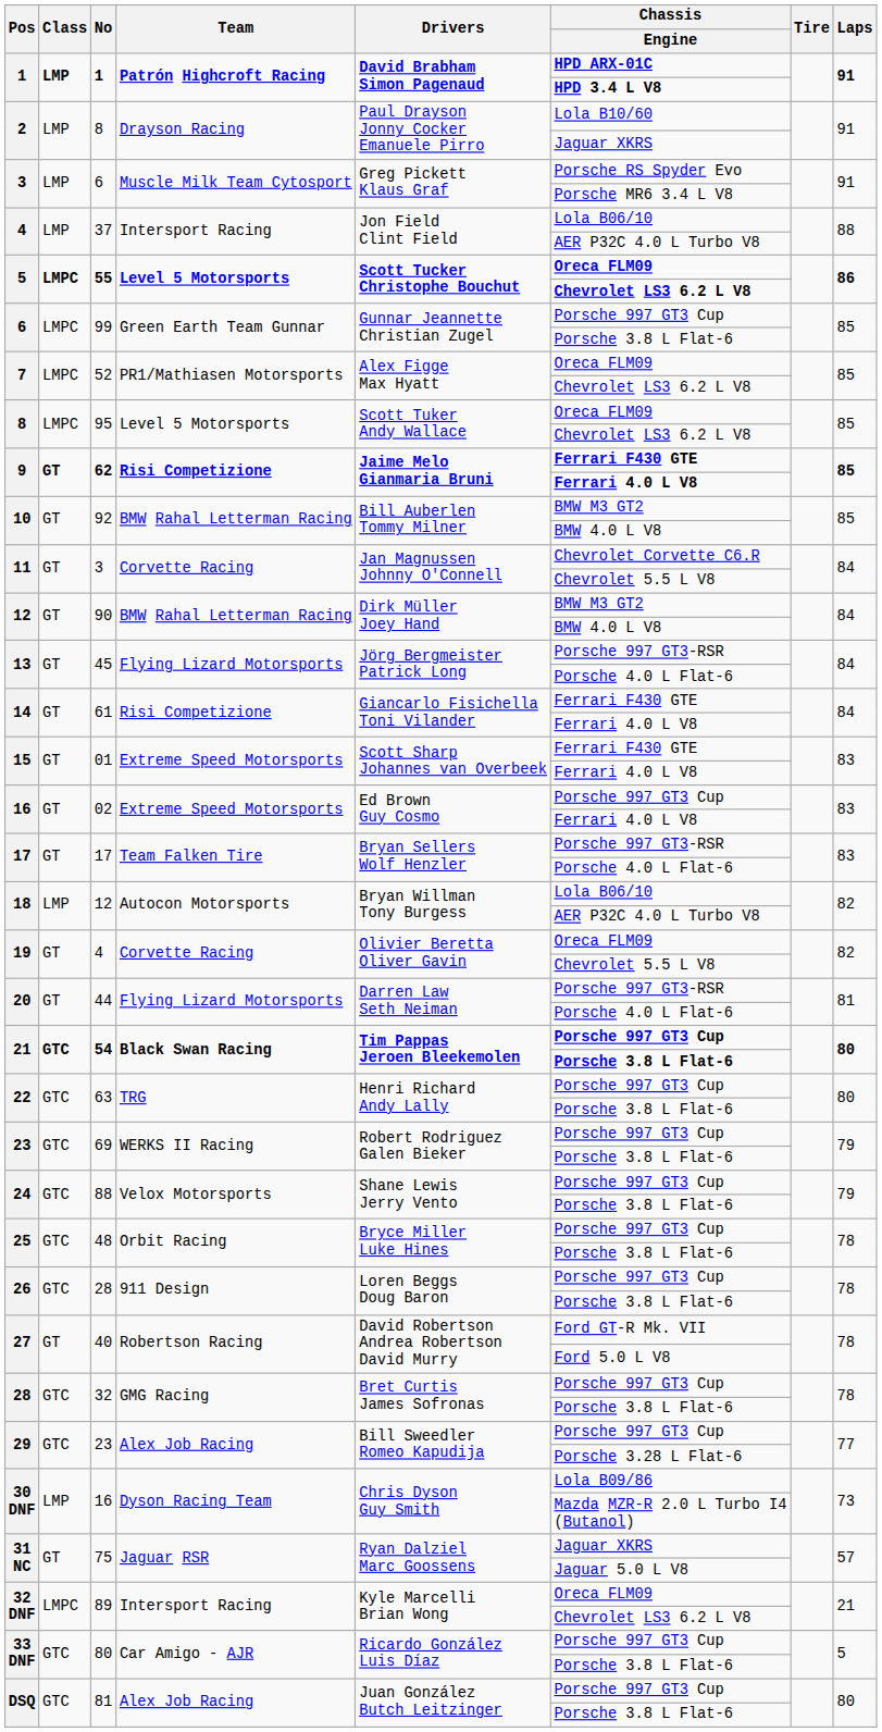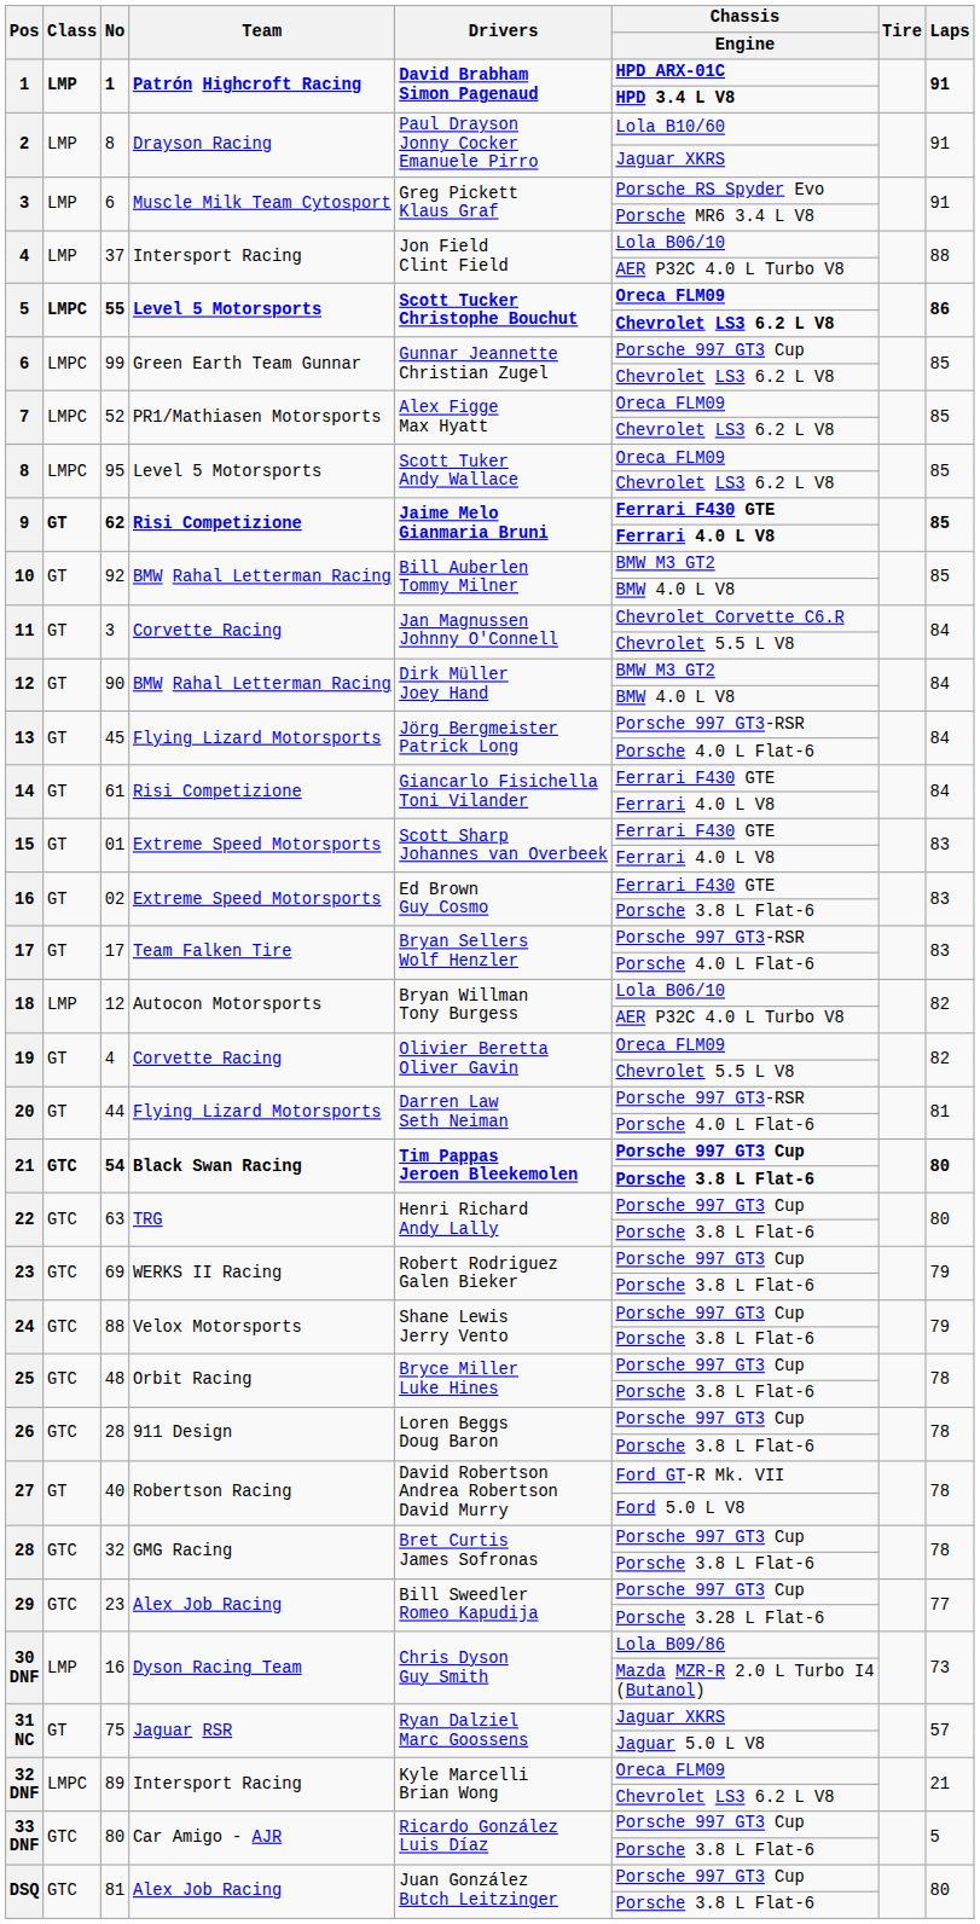 <table class="wikitable" style="font-size: 95%;">
 <tr>
 <th rowspan=2>Pos</th>
 <th rowspan=2>Class</th>
 <th rowspan=2>No</th>
 <th rowspan=2>Team</th>
 <th rowspan=2>Drivers</th>
 <th>Chassis</th>
 <th rowspan=2>Tire</th>
 <th rowspan=2>Laps</th>
 </tr>
 <tr>
 <th>Engine</th>
 </tr>
 <tr style="font-weight:bold">
 <th rowspan=2>1</th>
 <td rowspan=2>LMP</td>
 <td rowspan=2>1</td>
 <td rowspan=2> <a href='#'>Patrón</a> <a href='#'>Highcroft Racing</a></td>
 <td rowspan=2> <a href='#'>David Brabham</a><br> <a href='#'>Simon Pagenaud</a></td>
 <td><a href='#'>HPD ARX-01C</a></td>
 <td rowspan=2></td>
 <td rowspan=2>91</td>
 </tr>
 <tr style="font-weight:bold">
 <td><a href='#'>HPD</a> 3.4 L V8</td>
 </tr>
 <tr>
 <th rowspan=2>2</th>
 <td rowspan=2>LMP</td>
 <td rowspan=2>8</td>
 <td rowspan=2> <a href='#'>Drayson Racing</a></td>
 <td rowspan=2> <a href='#'>Paul Drayson</a><br> <a href='#'>Jonny Cocker</a><br> <a href='#'>Emanuele Pirro</a></td>
 <td><a href='#'>Lola B10/60</a></td>
 <td rowspan=2></td>
 <td rowspan=2>91</td>
 </tr>
 <tr>
 <td><a href='#'>Jaguar XKRS</a></td>
 </tr>
 <tr>
 <th rowspan=2>3</th>
 <td rowspan=2>LMP</td>
 <td rowspan=2>6</td>
 <td rowspan=2> <a href='#'>Muscle Milk Team Cytosport</a></td>
 <td rowspan=2> Greg Pickett<br> <a href='#'>Klaus Graf</a></td>
 <td><a href='#'>Porsche RS Spyder</a> Evo</td>
 <td rowspan=2></td>
 <td rowspan=2>91</td>
 </tr>
 <tr>
 <td><a href='#'>Porsche</a> MR6 3.4 L V8</td>
 </tr>
 <tr>
 <th rowspan=2>4</th>
 <td rowspan=2>LMP</td>
 <td rowspan=2>37</td>
 <td rowspan=2> Intersport Racing</td>
 <td rowspan=2> Jon Field<br> Clint Field</td>
 <td><a href='#'>Lola B06/10</a></td>
 <td rowspan=2></td>
 <td rowspan=2>88</td>
 </tr>
 <tr>
 <td><a href='#'>AER</a> P32C 4.0 L Turbo V8</td>
 </tr>
 <tr style="font-weight:bold">
 <th rowspan=2>5</th>
 <td rowspan=2>LMPC</td>
 <td rowspan=2>55</td>
 <td rowspan=2> <a href='#'>Level 5 Motorsports</a></td>
 <td rowspan=2> <a href='#'>Scott Tucker</a><br> <a href='#'>Christophe Bouchut</a></td>
 <td><a href='#'>Oreca FLM09</a></td>
 <td rowspan=2></td>
 <td rowspan=2>86</td>
 </tr>
 <tr style="font-weight:bold">
 <td><a href='#'>Chevrolet</a> <a href='#'>LS3</a> 6.2 L V8</td>
 </tr>
 <tr>
 <th rowspan=2>6</th>
 <td rowspan=2>LMPC</td>
 <td rowspan=2>99</td>
 <td rowspan=2> Green Earth Team Gunnar</td>
 <td rowspan=2> <a href='#'>Gunnar Jeannette</a><br> Christian Zugel</td>
 <td><a href='#'>Porsche 997 GT3</a> Cup</td>
 <td rowspan=2></td>
 <td rowspan=2>85</td>
 </tr>
 <tr>
-<td><a href='#'>Porsche</a> 3.8 L Flat-6</td>
+<td><a href='#'>Chevrolet</a> <a href='#'>LS3</a> 6.2 L V8</td>
 </tr>
 <tr>
 <th rowspan=2>7</th>
 <td rowspan=2>LMPC</td>
 <td rowspan=2>52</td>
 <td rowspan=2> PR1/Mathiasen Motorsports</td>
 <td rowspan=2> <a href='#'>Alex Figge</a><br> Max Hyatt</td>
 <td><a href='#'>Oreca FLM09</a></td>
 <td rowspan=2></td>
 <td rowspan=2>85</td>
 </tr>
 <tr>
 <td><a href='#'>Chevrolet</a> <a href='#'>LS3</a> 6.2 L V8</td>
 </tr>
 <tr>
 <th rowspan=2>8</th>
 <td rowspan=2>LMPC</td>
 <td rowspan=2>95</td>
 <td rowspan=2> Level 5 Motorsports</td>
 <td rowspan=2> <a href='#'>Scott Tuker</a><br> <a href='#'>Andy Wallace</a></td>
 <td><a href='#'>Oreca FLM09</a></td>
 <td rowspan=2></td>
 <td rowspan=2>85</td>
 </tr>
 <tr>
 <td><a href='#'>Chevrolet</a> <a href='#'>LS3</a> 6.2 L V8</td>
 </tr>
 <tr style="font-weight:bold">
 <th rowspan=2>9</th>
 <td rowspan=2>GT</td>
 <td rowspan=2>62</td>
 <td rowspan=2> <a href='#'>Risi Competizione</a></td>
 <td rowspan=2> <a href='#'>Jaime Melo</a><br> <a href='#'>Gianmaria Bruni</a></td>
 <td><a href='#'>Ferrari F430</a> GTE</td>
 <td rowspan=2></td>
 <td rowspan=2>85</td>
 </tr>
 <tr style="font-weight:bold">
 <td><a href='#'>Ferrari</a> 4.0 L V8</td>
 </tr>
 <tr>
 <th rowspan=2>10</th>
 <td rowspan=2>GT</td>
 <td rowspan=2>92</td>
 <td rowspan=2> <a href='#'>BMW</a> <a href='#'>Rahal Letterman Racing</a></td>
 <td rowspan=2> <a href='#'>Bill Auberlen</a><br> <a href='#'>Tommy Milner</a></td>
 <td><a href='#'>BMW M3 GT2</a></td>
 <td rowspan=2></td>
 <td rowspan=2>85</td>
 </tr>
 <tr>
 <td><a href='#'>BMW</a> 4.0 L V8</td>
 </tr>
 <tr>
 <th rowspan=2>11</th>
 <td rowspan=2>GT</td>
 <td rowspan=2>3</td>
 <td rowspan=2> <a href='#'>Corvette Racing</a></td>
 <td rowspan=2> <a href='#'>Jan Magnussen</a><br> <a href='#'>Johnny O'Connell</a></td>
 <td><a href='#'>Chevrolet Corvette C6.R</a></td>
 <td rowspan=2></td>
 <td rowspan=2>84</td>
 </tr>
 <tr>
 <td><a href='#'>Chevrolet</a> 5.5 L V8</td>
 </tr>
 <tr>
 <th rowspan=2>12</th>
 <td rowspan=2>GT</td>
 <td rowspan=2>90</td>
 <td rowspan=2> <a href='#'>BMW</a> <a href='#'>Rahal Letterman Racing</a></td>
 <td rowspan=2> <a href='#'>Dirk Müller</a><br> <a href='#'>Joey Hand</a></td>
 <td><a href='#'>BMW M3 GT2</a></td>
 <td rowspan=2></td>
 <td rowspan=2>84</td>
 </tr>
 <tr>
 <td><a href='#'>BMW</a> 4.0 L V8</td>
 </tr>
 <tr>
 <th rowspan=2>13</th>
 <td rowspan=2>GT</td>
 <td rowspan=2>45</td>
 <td rowspan=2> <a href='#'>Flying Lizard Motorsports</a></td>
 <td rowspan=2> <a href='#'>Jörg Bergmeister</a><br> <a href='#'>Patrick Long</a></td>
 <td><a href='#'>Porsche 997 GT3</a>-RSR</td>
 <td rowspan=2></td>
 <td rowspan=2>84</td>
 </tr>
 <tr>
 <td><a href='#'>Porsche</a> 4.0 L Flat-6</td>
 </tr>
 <tr>
 <th rowspan=2>14</th>
 <td rowspan=2>GT</td>
 <td rowspan=2>61</td>
 <td rowspan=2> <a href='#'>Risi Competizione</a></td>
 <td rowspan=2> <a href='#'>Giancarlo Fisichella</a><br> <a href='#'>Toni Vilander</a></td>
 <td><a href='#'>Ferrari F430</a> GTE</td>
 <td rowspan=2></td>
 <td rowspan=2>84</td>
 </tr>
 <tr>
 <td><a href='#'>Ferrari</a> 4.0 L V8</td>
 </tr>
 <tr>
 <th rowspan=2>15</th>
 <td rowspan=2>GT</td>
 <td rowspan=2>01</td>
 <td rowspan=2> <a href='#'>Extreme Speed Motorsports</a></td>
 <td rowspan=2> <a href='#'>Scott Sharp</a><br> <a href='#'>Johannes van Overbeek</a></td>
 <td><a href='#'>Ferrari F430</a> GTE</td>
 <td rowspan=2></td>
 <td rowspan=2>83</td>
 </tr>
 <tr>
 <td><a href='#'>Ferrari</a> 4.0 L V8</td>
 </tr>
 <tr>
 <th rowspan=2>16</th>
 <td rowspan=2>GT</td>
 <td rowspan=2>02</td>
 <td rowspan=2> <a href='#'>Extreme Speed Motorsports</a></td>
 <td rowspan=2> Ed Brown<br> <a href='#'>Guy Cosmo</a></td>
-<td><a href='#'>Porsche 997 GT3</a> Cup</td>
+<td><a href='#'>Ferrari F430</a> GTE</td>
 <td rowspan=2></td>
 <td rowspan=2>83</td>
 </tr>
 <tr>
-<td><a href='#'>Ferrari</a> 4.0 L V8</td>
+<td><a href='#'>Porsche</a> 3.8 L Flat-6</td>
 </tr>
 <tr>
 <th rowspan=2>17</th>
 <td rowspan=2>GT</td>
 <td rowspan=2>17</td>
 <td rowspan=2> <a href='#'>Team Falken Tire</a></td>
 <td rowspan=2> <a href='#'>Bryan Sellers</a><br> <a href='#'>Wolf Henzler</a></td>
 <td><a href='#'>Porsche 997 GT3</a>-RSR</td>
 <td rowspan=2></td>
 <td rowspan=2>83</td>
 </tr>
 <tr>
 <td><a href='#'>Porsche</a> 4.0 L Flat-6</td>
 </tr>
 <tr>
 <th rowspan=2>18</th>
 <td rowspan=2>LMP</td>
 <td rowspan=2>12</td>
 <td rowspan=2> Autocon Motorsports</td>
 <td rowspan=2> Bryan Willman<br> Tony Burgess</td>
 <td><a href='#'>Lola B06/10</a></td>
 <td rowspan=2></td>
 <td rowspan=2>82</td>
 </tr>
 <tr>
 <td><a href='#'>AER</a> P32C 4.0 L Turbo V8</td>
 </tr>
 <tr>
 <th rowspan=2>19</th>
 <td rowspan=2>GT</td>
 <td rowspan=2>4</td>
 <td rowspan=2> <a href='#'>Corvette Racing</a></td>
 <td rowspan=2> <a href='#'>Olivier Beretta</a><br> <a href='#'>Oliver Gavin</a></td>
 <td><a href='#'>Oreca FLM09</a></td>
 <td rowspan=2></td>
 <td rowspan=2>82</td>
 </tr>
 <tr>
 <td><a href='#'>Chevrolet</a> 5.5 L V8</td>
 </tr>
 <tr>
 <th rowspan=2>20</th>
 <td rowspan=2>GT</td>
 <td rowspan=2>44</td>
 <td rowspan=2> <a href='#'>Flying Lizard Motorsports</a></td>
 <td rowspan=2> <a href='#'>Darren Law</a><br> <a href='#'>Seth Neiman</a></td>
 <td><a href='#'>Porsche 997 GT3</a>-RSR</td>
 <td rowspan=2></td>
 <td rowspan=2>81</td>
 </tr>
 <tr>
 <td><a href='#'>Porsche</a> 4.0 L Flat-6</td>
 </tr>
 <tr style="font-weight:bold">
 <th rowspan=2>21</th>
 <td rowspan=2>GTC</td>
 <td rowspan=2>54</td>
 <td rowspan=2> Black Swan Racing</td>
 <td rowspan=2> <a href='#'>Tim Pappas</a><br> <a href='#'>Jeroen Bleekemolen</a></td>
 <td><a href='#'>Porsche 997 GT3</a> Cup</td>
 <td rowspan=2></td>
 <td rowspan=2>80</td>
 </tr>
 <tr style="font-weight:bold">
 <td><a href='#'>Porsche</a> 3.8 L Flat-6</td>
 </tr>
 <tr>
 <th rowspan=2>22</th>
 <td rowspan=2>GTC</td>
 <td rowspan=2>63</td>
 <td rowspan=2> <a href='#'>TRG</a></td>
 <td rowspan=2> Henri Richard<br> <a href='#'>Andy Lally</a></td>
 <td><a href='#'>Porsche 997 GT3</a> Cup</td>
 <td rowspan=2></td>
 <td rowspan=2>80</td>
 </tr>
 <tr>
 <td><a href='#'>Porsche</a> 3.8 L Flat-6</td>
 </tr>
 <tr>
 <th rowspan=2>23</th>
 <td rowspan=2>GTC</td>
 <td rowspan=2>69</td>
 <td rowspan=2> WERKS II Racing</td>
 <td rowspan=2> Robert Rodriguez<br> Galen Bieker</td>
 <td><a href='#'>Porsche 997 GT3</a> Cup</td>
 <td rowspan=2></td>
 <td rowspan=2>79</td>
 </tr>
 <tr>
 <td><a href='#'>Porsche</a> 3.8 L Flat-6</td>
 </tr>
 <tr>
 <th rowspan=2>24</th>
 <td rowspan=2>GTC</td>
 <td rowspan=2>88</td>
 <td rowspan=2> Velox Motorsports</td>
 <td rowspan=2> Shane Lewis<br> Jerry Vento</td>
 <td><a href='#'>Porsche 997 GT3</a> Cup</td>
 <td rowspan=2></td>
 <td rowspan=2>79</td>
 </tr>
 <tr>
 <td><a href='#'>Porsche</a> 3.8 L Flat-6</td>
 </tr>
 <tr>
 <th rowspan=2>25</th>
 <td rowspan=2>GTC</td>
 <td rowspan=2>48</td>
 <td rowspan=2> Orbit Racing</td>
 <td rowspan=2> <a href='#'>Bryce Miller</a><br> <a href='#'>Luke Hines</a></td>
 <td><a href='#'>Porsche 997 GT3</a> Cup</td>
 <td rowspan=2></td>
 <td rowspan=2>78</td>
 </tr>
 <tr>
 <td><a href='#'>Porsche</a> 3.8 L Flat-6</td>
 </tr>
 <tr>
 <th rowspan=2>26</th>
 <td rowspan=2>GTC</td>
 <td rowspan=2>28</td>
 <td rowspan=2> 911 Design</td>
 <td rowspan=2> Loren Beggs<br> Doug Baron</td>
 <td><a href='#'>Porsche 997 GT3</a> Cup</td>
 <td rowspan=2></td>
 <td rowspan=2>78</td>
 </tr>
 <tr>
 <td><a href='#'>Porsche</a> 3.8 L Flat-6</td>
 </tr>
 <tr>
 <th rowspan=2>27</th>
 <td rowspan=2>GT</td>
 <td rowspan=2>40</td>
 <td rowspan=2> Robertson Racing</td>
 <td rowspan=2> David Robertson<br> Andrea Robertson<br> David Murry</td>
 <td><a href='#'>Ford GT</a>-R Mk. VII</td>
 <td rowspan=2></td>
 <td rowspan=2>78</td>
 </tr>
 <tr>
 <td><a href='#'>Ford</a> 5.0 L V8</td>
 </tr>
 <tr>
 <th rowspan=2>28</th>
 <td rowspan=2>GTC</td>
 <td rowspan=2>32</td>
 <td rowspan=2> GMG Racing</td>
 <td rowspan=2> <a href='#'>Bret Curtis</a><br> James Sofronas</td>
 <td><a href='#'>Porsche 997 GT3</a> Cup</td>
 <td rowspan=2></td>
 <td rowspan=2>78</td>
 </tr>
 <tr>
 <td><a href='#'>Porsche</a> 3.8 L Flat-6</td>
 </tr>
 <tr>
 <th rowspan=2>29</th>
 <td rowspan=2>GTC</td>
 <td rowspan=2>23</td>
 <td rowspan=2> <a href='#'>Alex Job Racing</a></td>
 <td rowspan=2> Bill Sweedler<br> <a href='#'>Romeo Kapudija</a></td>
 <td><a href='#'>Porsche 997 GT3</a> Cup</td>
 <td rowspan=2></td>
 <td rowspan=2>77</td>
 </tr>
 <tr>
 <td><a href='#'>Porsche</a> 3.28 L Flat-6</td>
 </tr>
 <tr>
 <th rowspan=2>30<br>DNF</th>
 <td rowspan=2>LMP</td>
 <td rowspan=2>16</td>
 <td rowspan=2> <a href='#'>Dyson Racing Team</a></td>
 <td rowspan=2> <a href='#'>Chris Dyson</a><br> <a href='#'>Guy Smith</a></td>
 <td><a href='#'>Lola B09/86</a></td>
 <td rowspan=2></td>
 <td rowspan=2>73</td>
 </tr>
 <tr>
 <td><a href='#'>Mazda</a> <a href='#'>MZR-R</a> 2.0 L Turbo I4<br>(<a href='#'>Butanol</a>)</td>
 </tr>
 <tr>
 <th rowspan=2>31<br>NC</th>
 <td rowspan=2>GT</td>
 <td rowspan=2>75</td>
 <td rowspan=2> <a href='#'>Jaguar</a> <a href='#'>RSR</a></td>
 <td rowspan=2> <a href='#'>Ryan Dalziel</a><br> <a href='#'>Marc Goossens</a></td>
 <td><a href='#'>Jaguar XKRS</a></td>
 <td rowspan=2></td>
 <td rowspan=2>57</td>
 </tr>
 <tr>
 <td><a href='#'>Jaguar</a> 5.0 L V8</td>
 </tr>
 <tr>
 <th rowspan=2>32<br>DNF</th>
 <td rowspan=2>LMPC</td>
 <td rowspan=2>89</td>
 <td rowspan=2> Intersport Racing</td>
 <td rowspan=2> Kyle Marcelli<br> Brian Wong</td>
 <td><a href='#'>Oreca FLM09</a></td>
 <td rowspan=2></td>
 <td rowspan=2>21</td>
 </tr>
 <tr>
 <td><a href='#'>Chevrolet</a> <a href='#'>LS3</a> 6.2 L V8</td>
 </tr>
 <tr>
 <th rowspan=2>33<br>DNF</th>
 <td rowspan=2>GTC</td>
 <td rowspan=2>80</td>
 <td rowspan=2> Car Amigo - <a href='#'>AJR</a></td>
 <td rowspan=2> <a href='#'>Ricardo González</a><br> <a href='#'>Luis Díaz</a></td>
 <td><a href='#'>Porsche 997 GT3</a> Cup</td>
 <td rowspan=2></td>
 <td rowspan=2>5</td>
 </tr>
 <tr>
 <td><a href='#'>Porsche</a> 3.8 L Flat-6</td>
 </tr>
 <tr>
 <th rowspan=2>DSQ</th>
 <td rowspan=2>GTC</td>
 <td rowspan=2>81</td>
 <td rowspan=2> <a href='#'>Alex Job Racing</a></td>
 <td rowspan=2> Juan González<br> <a href='#'>Butch Leitzinger</a></td>
 <td><a href='#'>Porsche 997 GT3</a> Cup</td>
 <td rowspan=2></td>
 <td rowspan=2>80</td>
 </tr>
 <tr>
 <td><a href='#'>Porsche</a> 3.8 L Flat-6</td>
 </tr>
 </table>
